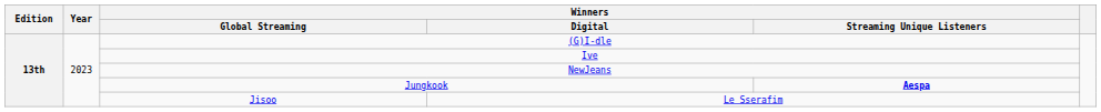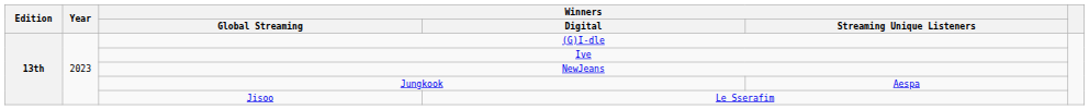 <table class="wikitable plainrowheaders" style="text-align:center; width:80%">
 <tr>
 <th scope="col" rowspan="2" style="width:3%">Edition</th>
 <th scope="col" rowspan="2" style="width:2%">Year</th>
 <th scope="col" colspan="3" style="width:60%">Winners</th>
 <th scope="col" rowspan="2" style="width:1%"></th>
 </tr>
 <tr>
 <th style="width:20%">Global Streaming</th>
 <th style="width:20%">Digital</th>
 <th style="width:20%">Streaming Unique Listeners</th>
 </tr>
 <tr>
 <th scope="row" style="text-align:center" rowspan="5">13th</th>
 <td rowspan="5">2023</td>
 <td colspan="3"><a href='#'>(G)I-dle</a></td>
 <td rowspan="5"></td>
 </tr>
 <tr>
 <td colspan="3"><a href='#'>Ive</a></td>
 </tr>
 <tr>
 <td colspan="3"><a href='#'>NewJeans</a></td>
 </tr>
 <tr>
 <td colspan="2"><a href='#'>Jungkook</a></td>
-<td><strong><a href='#'>Aespa</a></strong></td>
+<td><a href='#'>Aespa</a></td>
 </tr>
 <tr>
 <td><a href='#'>Jisoo</a></td>
 <td colspan="2"><a href='#'>Le Sserafim</a></td>
 </tr>
 </table>
